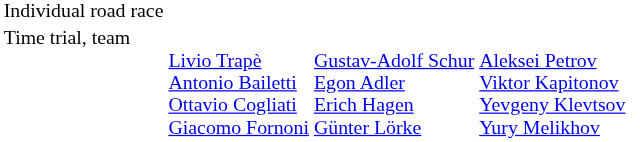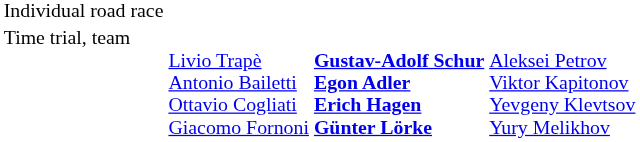 <table>
 <tr>
 <td>Individual road race<br></td>
 <td></td>
 <td></td>
 <td></td>
 </tr>
 <tr valign="top">
 <td>Time trial, team<br></td>
 <td><br><a href='#'>Livio Trapè</a><br><a href='#'>Antonio Bailetti</a><br><a href='#'>Ottavio Cogliati</a><br><a href='#'>Giacomo Fornoni</a></td>
-<td><br><a href='#'>Gustav-Adolf Schur</a><br><a href='#'>Egon Adler</a><br><a href='#'>Erich Hagen</a><br><a href='#'>Günter Lörke</a></td>
+<td><strong><br><a href='#'>Gustav-Adolf Schur</a><br><a href='#'>Egon Adler</a><br><a href='#'>Erich Hagen</a><br><a href='#'>Günter Lörke</a></strong></td>
 <td><br><a href='#'>Aleksei Petrov</a><br><a href='#'>Viktor Kapitonov</a><br><a href='#'>Yevgeny Klevtsov</a><br><a href='#'>Yury Melikhov</a></td>
 </tr>
 </table>
